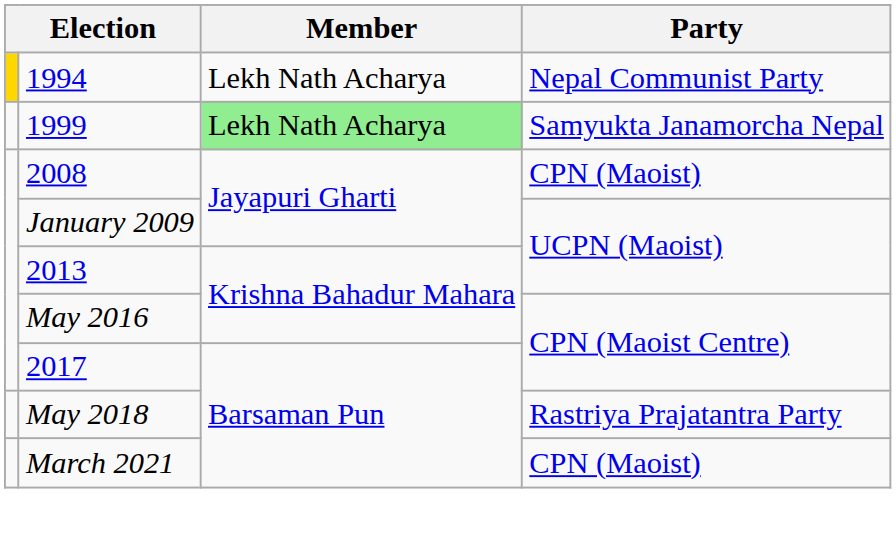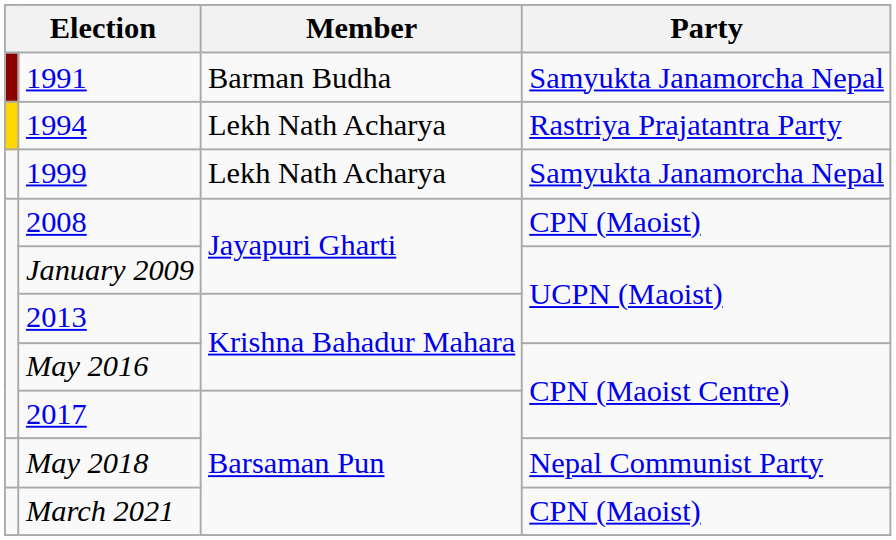 <table class="wikitable">
 <tr>
 <th colspan="2">Election</th>
 <th>Member</th>
 <th>Party</th>
 </tr>
 <tr>
+<td style="background-color:darkred"></td>
+<td><a href='#'>1991</a></td>
+<td>Barman Budha</td>
+<td><a href='#'>Samyukta Janamorcha Nepal</a></td>
+</tr>
+<tr>
 <td style="background-color:gold"></td>
 <td><a href='#'>1994</a></td>
 <td>Lekh Nath Acharya</td>
-<td><a href='#'>Nepal Communist Party</a></td>
+<td><a href='#'>Rastriya Prajatantra Party</a></td>
 </tr>
 <tr>
 <td style="background-color:"></td>
 <td><a href='#'>1999</a></td>
-<td style="background: lightgreen;">Lekh Nath Acharya</td>
+<td>Lekh Nath Acharya</td>
 <td><a href='#'>Samyukta Janamorcha Nepal</a></td>
 </tr>
 <tr>
 <td rowspan="5" style="background-color:"></td>
 <td><a href='#'>2008</a></td>
 <td rowspan="2"><a href='#'>Jayapuri Gharti</a></td>
 <td><a href='#'>CPN (Maoist)</a></td>
 </tr>
 <tr>
 <td><em>January 2009</em></td>
 <td rowspan="2"><a href='#'>UCPN (Maoist)</a></td>
 </tr>
 <tr>
 <td><a href='#'>2013</a></td>
 <td rowspan="2"><a href='#'>Krishna Bahadur Mahara</a></td>
 </tr>
 <tr>
 <td><em>May 2016</em></td>
 <td rowspan="2"><a href='#'>CPN (Maoist Centre)</a></td>
 </tr>
 <tr>
 <td><a href='#'>2017</a></td>
 <td rowspan="3"><a href='#'>Barsaman Pun</a></td>
 </tr>
 <tr>
 <td style="background-color:"></td>
 <td><em>May 2018</em></td>
-<td><a href='#'>Rastriya Prajatantra Party</a></td>
+<td><a href='#'>Nepal Communist Party</a></td>
 </tr>
 <tr>
 <td></td>
 <td><em>March 2021</em></td>
 <td><a href='#'>CPN (Maoist)</a></td>
 </tr>
 </table>
